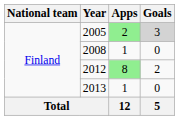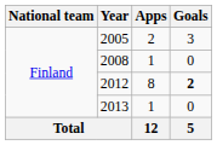 <table class="wikitable" style="text-align:center">
 <tr>
 <th>National team</th>
 <th>Year</th>
 <th>Apps</th>
 <th>Goals</th>
 </tr>
 <tr>
 <td rowspan="4"><a href='#'>Finland</a></td>
 <td>2005</td>
-<td style="background: lightgreen;">2</td>
-<td style="background: lightgrey;">3</td>
+<td>2</td>
+<td>3</td>
 </tr>
 <tr>
 <td>2008</td>
 <td>1</td>
 <td>0</td>
 </tr>
 <tr>
 <td>2012</td>
-<td style="background: lightgreen;">8</td>
-<td>2</td>
+<td>8</td>
+<td><strong>2</strong></td>
 </tr>
 <tr>
 <td>2013</td>
 <td>1</td>
 <td>0</td>
 </tr>
 <tr>
 <th colspan="2">Total</th>
 <th>12</th>
 <th>5</th>
 </tr>
 </table>
